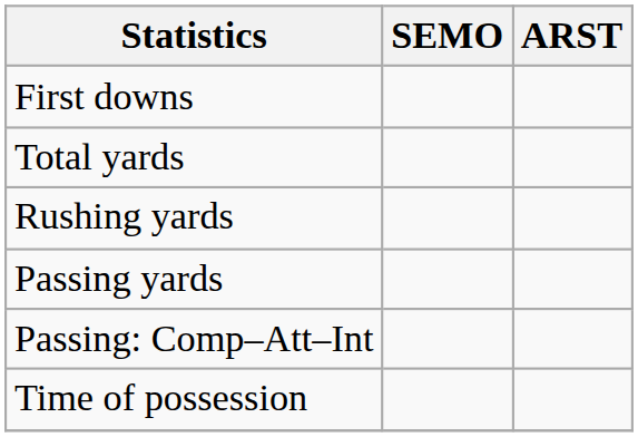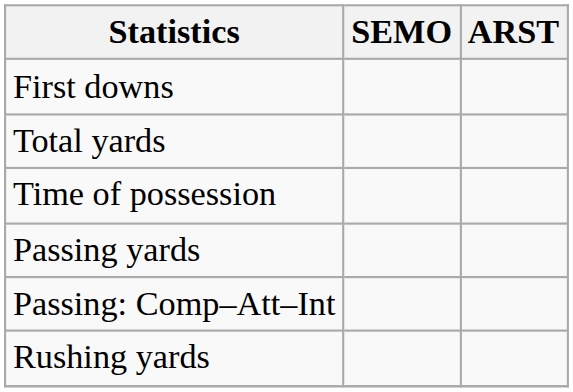 <table class="wikitable" style="float: left;">
 <tr>
 <th>Statistics</th>
 <th>SEMO</th>
 <th>ARST</th>
 </tr>
 <tr>
 <td>First downs</td>
 <td></td>
 <td></td>
 </tr>
 <tr>
 <td>Total yards</td>
 <td></td>
 <td></td>
 </tr>
 <tr>
-<td>Rushing yards</td>
+<td>Time of possession</td>
 <td></td>
 <td></td>
 </tr>
 <tr>
 <td>Passing yards</td>
 <td></td>
 <td></td>
 </tr>
 <tr>
 <td>Passing: Comp–Att–Int</td>
 <td></td>
 <td></td>
 </tr>
 <tr>
-<td>Time of possession</td>
+<td>Rushing yards</td>
 <td></td>
 <td></td>
 </tr>
 <tr>
 </tr>
 </table>
